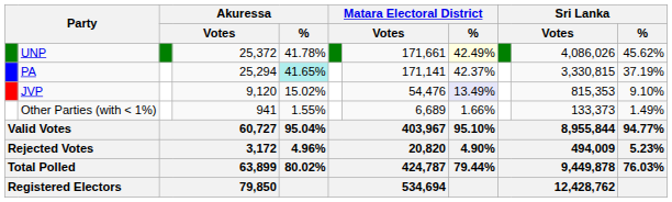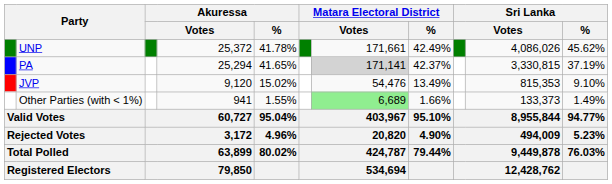 <table class="wikitable">
 <tr>
 <th colspan="2" width="144px"rowspan="2">Party</th>
 <th colspan="3" width="216px">Akuressa</th>
 <th colspan="3" width="216px"><a href='#'>Matara Electoral District</a></th>
 <th colspan="3" width="216px">Sri Lanka</th>
 </tr>
 <tr>
 <th colspan="2" width="144px">Votes</th>
 <th>%</th>
 <th colspan="2" width="144px">Votes</th>
 <th>%</th>
 <th colspan="2" width="144px">Votes</th>
 <th>%</th>
 </tr>
 <tr>
 <td style="background-color:green;" width="10px"></td>
 <td style="text-align:left;"><a href='#'>UNP</a></td>
 <td style="background-color:green;" width="10px"></td>
 <td style="text-align:right;">25,372</td>
 <td style="text-align:right;">41.78%</td>
 <td style="background-color:green;" width="10px"></td>
 <td style="text-align:right;">171,661</td>
-<td style="background: lightyellow; text-align:right;">42.49%</td>
+<td style="text-align:right;">42.49%</td>
 <td style="background-color:green;" width="10px"></td>
 <td style="text-align:right;">4,086,026</td>
 <td style="text-align:right;">45.62%</td>
 </tr>
 <tr>
 <td style="background-color:blue;" width="10px"></td>
 <td style="text-align:left;"><a href='#'>PA</a></td>
 <td style="background-color:white;" width="10px"></td>
 <td style="text-align:right;">25,294</td>
-<td style="background: paleturquoise; text-align:right;">41.65%</td>
+<td style="text-align:right;">41.65%</td>
 <td style="background-color:white;" width="10px"></td>
-<td style="text-align:right;">171,141</td>
+<td style="background: lightgrey; text-align:right;">171,141</td>
 <td style="text-align:right;">42.37%</td>
 <td style="background-color:white;" width="10px"></td>
 <td style="text-align:right;">3,330,815</td>
 <td style="text-align:right;">37.19%</td>
 </tr>
 <tr>
 <td style="background-color:red;" width="10px"></td>
 <td style="text-align:left;"><a href='#'>JVP</a></td>
 <td style="background-color:white;" width="10px"></td>
 <td style="text-align:right;">9,120</td>
 <td style="text-align:right;">15.02%</td>
 <td style="background-color:white;" width="10px"></td>
 <td style="text-align:right;">54,476</td>
-<td style="background: lavender; text-align:right;">13.49%</td>
+<td style="text-align:right;">13.49%</td>
 <td style="background-color:white;" width="10px"></td>
 <td style="text-align:right;">815,353</td>
 <td style="text-align:right;">9.10%</td>
 </tr>
 <tr>
 <td style="background-color:white;" width="10px"></td>
 <td style="text-align:left;">Other Parties (with < 1%)</td>
 <td style="background-color:white;" width="10px"></td>
 <td style="text-align:right;">941</td>
 <td style="text-align:right;">1.55%</td>
 <td style="background-color:white;" width="10px"></td>
-<td style="text-align:right;">6,689</td>
+<td style="background: lightgreen; text-align:right;">6,689</td>
 <td style="text-align:right;">1.66%</td>
 <td style="background-color:white;" width="10px"></td>
 <td style="text-align:right;">133,373</td>
 <td style="text-align:right;">1.49%</td>
 </tr>
 <tr>
 <th colspan="2" width="144px"style="text-align:left;">Valid Votes</th>
 <th style="text-align:right;"colspan="2" width="144px">60,727</th>
 <th style="text-align:right;">95.04%</th>
 <th style="text-align:right;"colspan="2" width="144px">403,967</th>
 <th style="text-align:right;">95.10%</th>
 <th style="text-align:right;"colspan="2" width="144px">8,955,844</th>
 <th style="text-align:right;">94.77%</th>
 </tr>
 <tr>
 <th colspan="2" width="144px"style="text-align:left;">Rejected Votes</th>
 <th style="text-align:right;"colspan="2" width="144px">3,172</th>
 <th style="text-align:right;">4.96%</th>
 <th style="text-align:right;"colspan="2" width="144px">20,820</th>
 <th style="text-align:right;">4.90%</th>
 <th style="text-align:right;"colspan="2" width="144px">494,009</th>
 <th style="text-align:right;">5.23%</th>
 </tr>
 <tr>
 <th colspan="2" width="144px"style="text-align:left;">Total Polled</th>
 <th style="text-align:right;"colspan="2" width="144px">63,899</th>
 <th style="text-align:right;">80.02%</th>
 <th style="text-align:right;"colspan="2" width="144px">424,787</th>
 <th style="text-align:right;">79.44%</th>
 <th style="text-align:right;"colspan="2" width="144px">9,449,878</th>
 <th style="text-align:right;">76.03%</th>
 </tr>
 <tr>
 <th colspan="2" width="144px"style="text-align:left;">Registered Electors</th>
 <th style="text-align:right;"colspan="2" width="144px">79,850</th>
 <th></th>
 <th style="text-align:right;"colspan="2" width="144px">534,694</th>
 <th></th>
 <th style="text-align:right;"colspan="2" width="144px">12,428,762</th>
 <th></th>
 </tr>
 </table>
